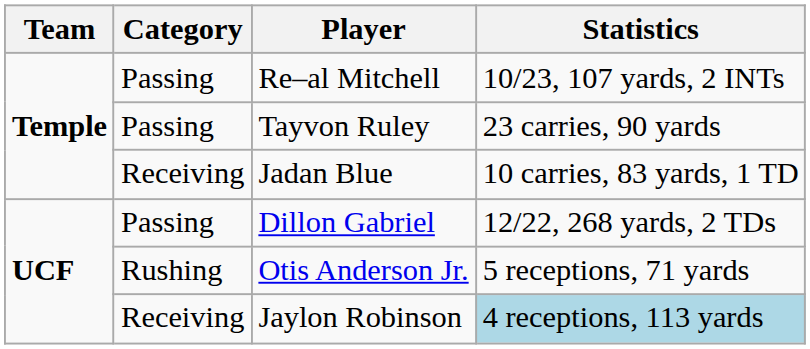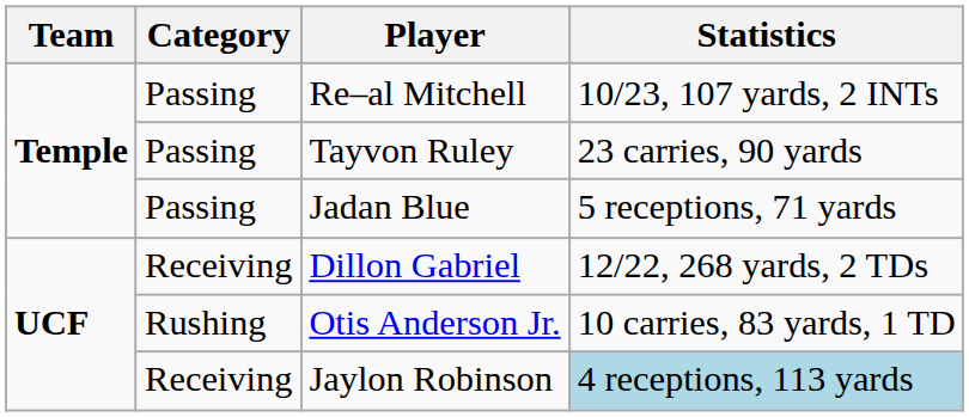 <table class="wikitable" style="float: left;">
 <tr>
 <th>Team</th>
 <th>Category</th>
 <th>Player</th>
 <th>Statistics</th>
 </tr>
 <tr>
 <td rowspan=3><strong>Temple</strong></td>
 <td>Passing</td>
 <td>Re–al Mitchell</td>
 <td>10/23, 107 yards, 2 INTs</td>
 </tr>
 <tr>
 <td>Passing</td>
 <td>Tayvon Ruley</td>
 <td>23 carries, 90 yards</td>
 </tr>
 <tr>
-<td>Receiving</td>
+<td>Passing</td>
 <td>Jadan Blue</td>
-<td>10 carries, 83 yards, 1 TD</td>
+<td>5 receptions, 71 yards</td>
 </tr>
 <tr>
 <td rowspan=3><strong>UCF</strong></td>
-<td>Passing</td>
+<td>Receiving</td>
 <td><a href='#'>Dillon Gabriel</a></td>
 <td>12/22, 268 yards, 2 TDs</td>
 </tr>
 <tr>
 <td>Rushing</td>
 <td><a href='#'>Otis Anderson Jr.</a></td>
-<td>5 receptions, 71 yards</td>
+<td>10 carries, 83 yards, 1 TD</td>
 </tr>
 <tr>
 <td>Receiving</td>
 <td>Jaylon Robinson</td>
 <td style="background: lightblue;">4 receptions, 113 yards</td>
 </tr>
 </table>
